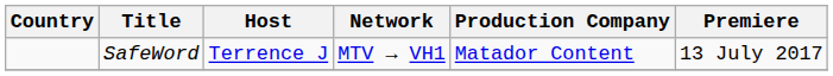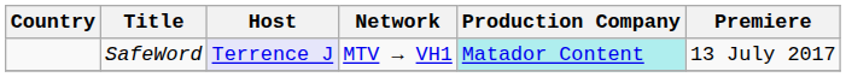 <table class="wikitable">
 <tr>
 <th>Country</th>
 <th>Title</th>
 <th>Host</th>
 <th>Network</th>
 <th>Production Company</th>
 <th>Premiere</th>
 </tr>
 <tr>
 <td></td>
 <td><em>SafeWord</em></td>
-<td><a href='#'>Terrence J</a></td>
+<td style="background: lavender;"><a href='#'>Terrence J</a></td>
 <td><a href='#'>MTV</a> → <a href='#'>VH1</a></td>
-<td><a href='#'>Matador Content</a></td>
+<td style="background: paleturquoise;"><a href='#'>Matador Content</a></td>
 <td>13 July 2017</td>
 </tr>
 <tr>
 </tr>
 </table>
